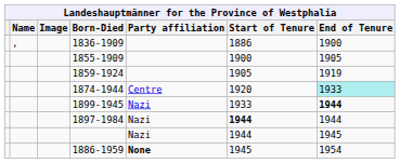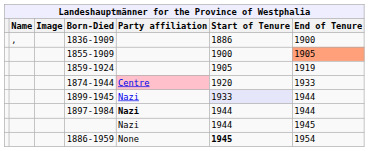 <table class="wikitable" text-align:center;">
 <tr>
 <th colspan="8" style="background:#eef; text-align:center;">Landeshauptmänner for the Province of Westphalia</th>
 </tr>
 <tr style="background:#eef;">
 <th></th>
 <th>Name</th>
 <th>Image</th>
 <th>Born-Died</th>
 <th>Party affiliation</th>
 <th>Start of Tenure</th>
 <th>End of Tenure</th>
 </tr>
 <tr>
 <td align="center"></td>
 <td>, </td>
 <td></td>
 <td>1836-1909</td>
 <td></td>
 <td>1886</td>
 <td>1900</td>
 </tr>
 <tr>
 <td align="center"></td>
 <td></td>
 <td></td>
 <td>1855-1909</td>
 <td></td>
 <td>1900</td>
-<td>1905</td>
+<td style="background: lightsalmon;">1905</td>
 </tr>
 <tr>
 <td align="center"></td>
 <td></td>
 <td></td>
 <td>1859-1924</td>
 <td></td>
 <td>1905</td>
 <td>1919</td>
 </tr>
 <tr>
 <td></td>
 <td></td>
 <td></td>
 <td>1874-1944</td>
-<td><a href='#'>Centre</a></td>
+<td style="background: pink;"><a href='#'>Centre</a></td>
 <td>1920</td>
-<td style="background: paleturquoise;">1933</td>
+<td>1933</td>
 </tr>
 <tr>
 <td width="1"></td>
 <td></td>
 <td></td>
 <td>1899-1945</td>
 <td><a href='#'>Nazi</a></td>
-<td>1933</td>
-<td><strong>1944</strong></td>
+<td style="background: lavender;">1933</td>
+<td>1944</td>
 </tr>
 <tr>
 <td></td>
 <td></td>
 <td></td>
 <td>1897-1984</td>
-<td>Nazi</td>
-<td><strong>1944</strong></td>
+<td><strong>Nazi</strong></td>
+<td>1944</td>
 <td>1944</td>
 </tr>
 <tr>
 <td></td>
 <td></td>
 <td></td>
 <td></td>
 <td>Nazi</td>
 <td>1944</td>
 <td>1945</td>
 </tr>
 <tr>
 <td align="center"></td>
 <td></td>
 <td></td>
 <td>1886-1959</td>
-<td><strong>None</strong></td>
-<td>1945</td>
+<td>None</td>
+<td><strong>1945</strong></td>
 <td>1954</td>
 </tr>
 </table>
